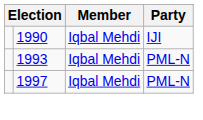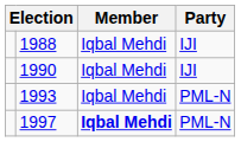 <table class="wikitable">
 <tr>
 <th colspan="2">Election</th>
 <th>Member</th>
 <th>Party</th>
+</tr>
+<tr>
+<td style="background-color: "></td>
+<td><a href='#'>1988</a></td>
+<td><a href='#'>Iqbal Mehdi</a></td>
+<td><a href='#'>IJI</a></td>
 </tr>
 <tr>
 <td style="background-color: "></td>
 <td><a href='#'>1990</a></td>
 <td><a href='#'>Iqbal Mehdi</a></td>
 <td><a href='#'>IJI</a></td>
 </tr>
 <tr>
 <td style="background-color: "></td>
 <td><a href='#'>1993</a></td>
 <td><a href='#'>Iqbal Mehdi</a></td>
 <td><a href='#'>PML-N</a></td>
 </tr>
 <tr>
 <td style="background-color: "></td>
 <td><a href='#'>1997</a></td>
-<td><a href='#'>Iqbal Mehdi</a></td>
+<td><strong><a href='#'>Iqbal Mehdi</a></strong></td>
 <td><a href='#'>PML-N</a></td>
 </tr>
 </table>
